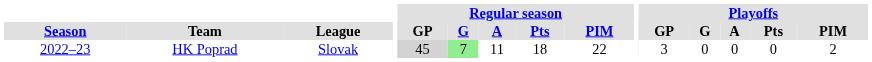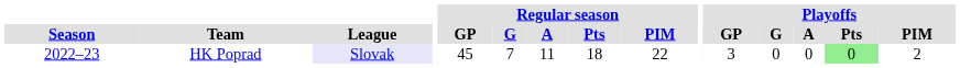 <table border="0" cellpadding="1" cellspacing="0" style="text-align:center; width:60em">
 <tr bgcolor="#e0e0e0">
 <th colspan="3" bgcolor="#ffffff"></th>
 <th rowspan="99" bgcolor="#ffffff"></th>
 <th colspan="5"><a href='#'>Regular season</a></th>
 <th rowspan="99" bgcolor="#ffffff"></th>
 <th colspan="5"><a href='#'>Playoffs</a></th>
 </tr>
 <tr bgcolor="#e0e0e0">
 <th><a href='#'>Season</a></th>
 <th>Team</th>
 <th>League</th>
 <th>GP</th>
 <th><a href='#'>G</a></th>
 <th><a href='#'>A</a></th>
 <th><a href='#'>Pts</a></th>
 <th><a href='#'>PIM</a></th>
 <th>GP</th>
 <th>G</th>
 <th>A</th>
 <th>Pts</th>
 <th>PIM</th>
 </tr>
 <tr>
 <td><a href='#'>2022–23</a></td>
 <td><a href='#'>HK Poprad</a></td>
-<td><a href='#'>Slovak</a></td>
-<td style="background: lightgrey;">45</td>
-<td style="background: lightgreen;">7</td>
+<td style="background: lavender;"><a href='#'>Slovak</a></td>
+<td>45</td>
+<td>7</td>
 <td>11</td>
 <td>18</td>
 <td>22</td>
 <td>3</td>
 <td>0</td>
 <td>0</td>
-<td>0</td>
+<td style="background: lightgreen;">0</td>
 <td>2</td>
 </tr>
 </table>
